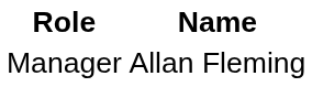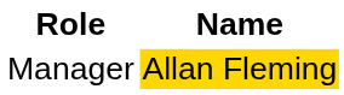 <table class="toccolours">
 <tr>
 <th style="background:white;">Role</th>
 <th style="background:white;">Name</th>
 </tr>
 <tr>
 <td>Manager</td>
-<td> Allan Fleming</td>
+<td style="background: gold;"> Allan Fleming</td>
 </tr>
 </table>
